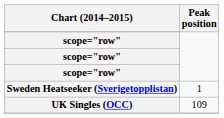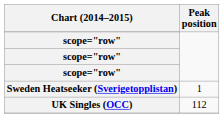 <table class="wikitable sortable plainrowheaders" style="text-align:center;">
 <tr>
 <th scope="col">Chart (2014–2015)</th>
 <th scope="col">Peak<br>position</th>
 </tr>
 <tr>
 </tr>
 <tr>
 </tr>
 <tr>
 </tr>
 <tr>
 </tr>
 <tr>
 <th>scope="row"</th>
 </tr>
 <tr>
 <th>scope="row"</th>
 </tr>
 <tr>
 <th>scope="row"</th>
 </tr>
 <tr>
 <th scope="row">Sweden Heatseeker (<a href='#'>Sverigetopplistan</a>)</th>
 <td>1</td>
 </tr>
 <tr>
 <th scope="row">UK Singles (<a href='#'>OCC</a>)</th>
-<td>109</td>
+<td>112</td>
 </tr>
 <tr>
 </tr>
 </table>
